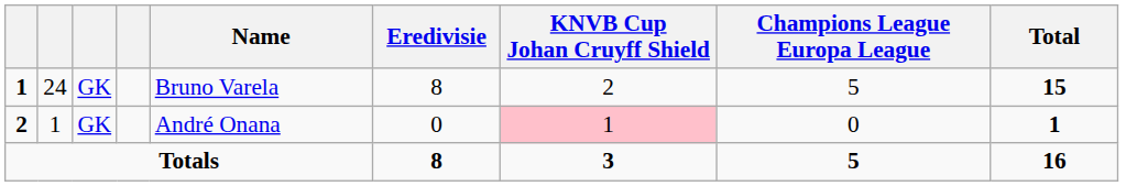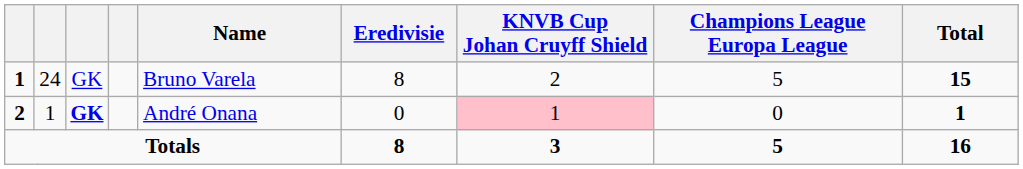 <table class="wikitable" style="text-align:center">
 <tr>
 <th width=15></th>
 <th width=15></th>
 <th width=15></th>
 <th width=15></th>
 <th width=145>Name</th>
 <th width=80><a href='#'>Eredivisie</a></th>
 <th width=140><a href='#'>KNVB Cup</a><br><a href='#'>Johan Cruyff Shield</a></th>
 <th width=180><a href='#'>Champions League</a><br><a href='#'>Europa League</a></th>
 <th width=80>Total</th>
 </tr>
 <tr>
 <td><strong>1</strong></td>
 <td>24</td>
 <td><a href='#'>GK</a></td>
 <td></td>
 <td align=left><a href='#'>Bruno Varela</a></td>
 <td>8</td>
 <td>2</td>
 <td>5</td>
 <td><strong>15</strong></td>
 </tr>
 <tr>
 <td><strong>2</strong></td>
 <td>1</td>
-<td><a href='#'>GK</a></td>
+<td><strong><a href='#'>GK</a></strong></td>
 <td></td>
 <td align=left><a href='#'>André Onana</a></td>
 <td>0</td>
 <td style="background: pink;">1</td>
 <td>0</td>
 <td><strong>1</strong></td>
 </tr>
 <tr>
 <td colspan=5><strong>Totals</strong></td>
 <td><strong>8</strong></td>
 <td><strong>3</strong></td>
 <td><strong>5</strong></td>
 <td><strong>16</strong></td>
 </tr>
 </table>
